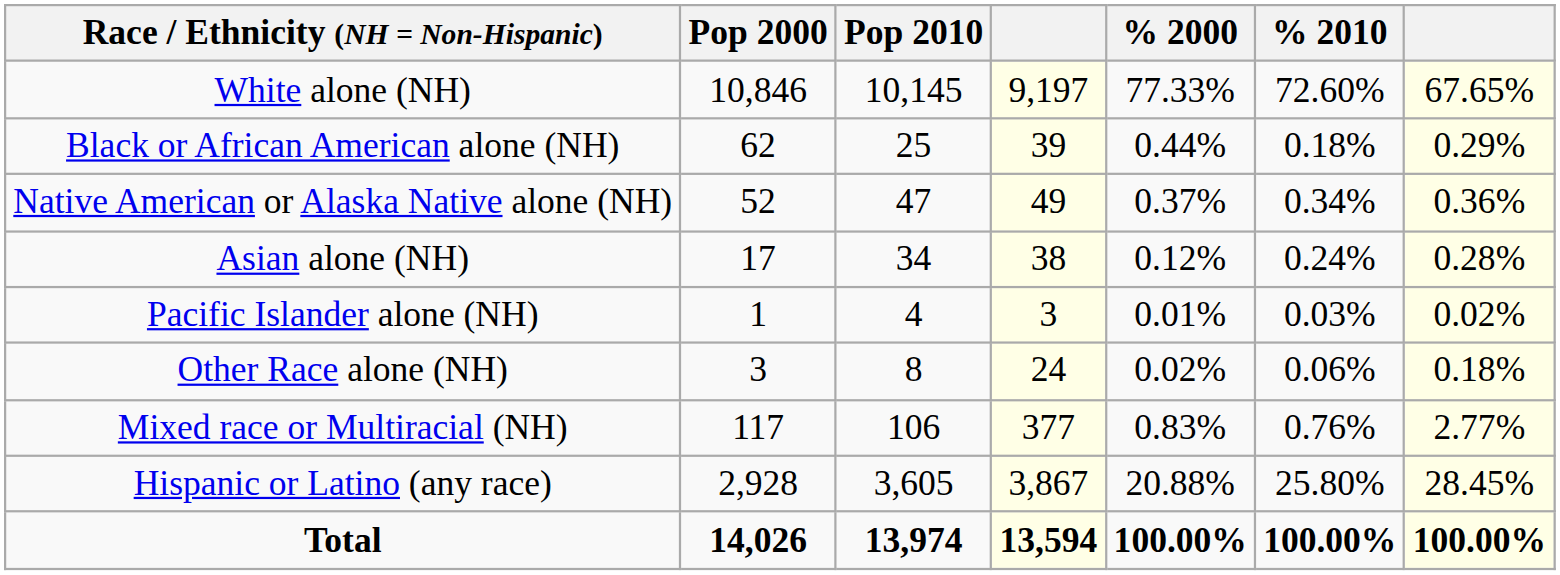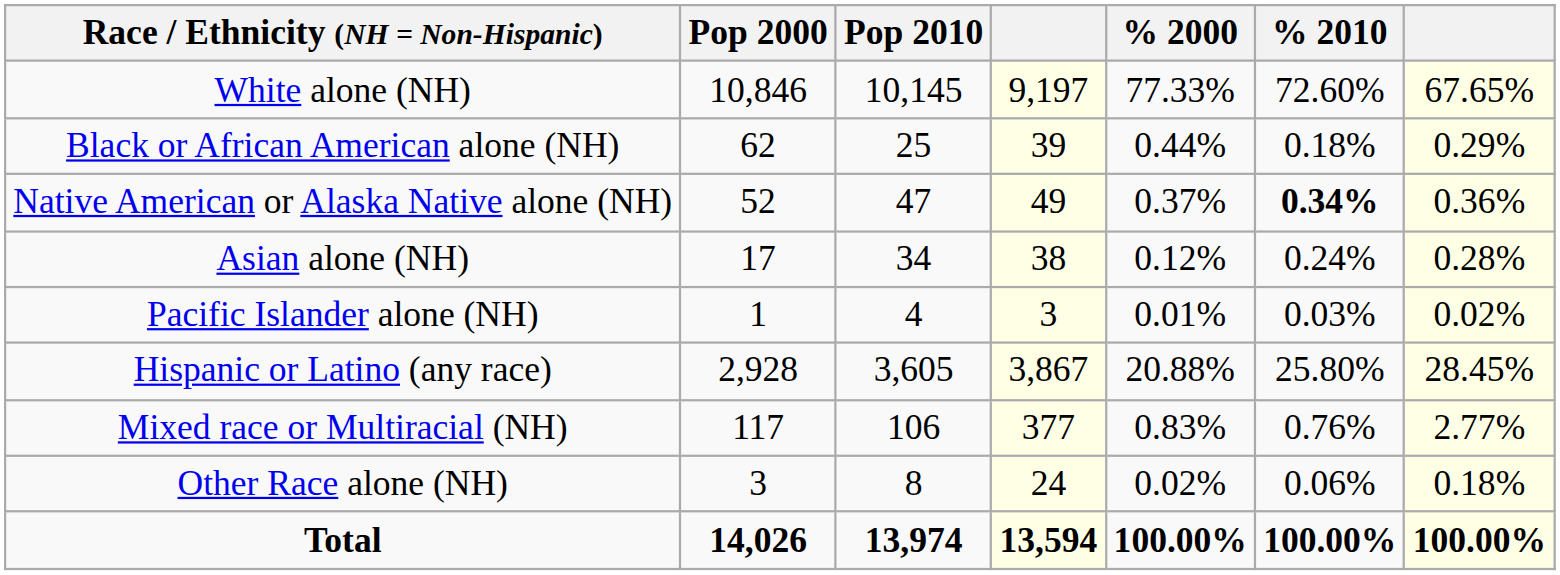 <table class="wikitable" style="text-align:center;">
 <tr>
 <th>Race / Ethnicity <small>(<em>NH = Non-Hispanic</em>)</small></th>
 <th>Pop 2000</th>
 <th>Pop 2010</th>
 <th></th>
 <th>% 2000</th>
 <th>% 2010</th>
 <th></th>
 </tr>
 <tr>
 <td><a href='#'>White</a> alone (NH)</td>
 <td>10,846</td>
 <td>10,145</td>
 <td style='background: #ffffe6;'>9,197</td>
 <td>77.33%</td>
 <td>72.60%</td>
 <td style='background: #ffffe6;'>67.65%</td>
 </tr>
 <tr>
 <td><a href='#'>Black or African American</a> alone (NH)</td>
 <td>62</td>
 <td>25</td>
 <td style='background: #ffffe6;'>39</td>
 <td>0.44%</td>
 <td>0.18%</td>
 <td style='background: #ffffe6;'>0.29%</td>
 </tr>
 <tr>
 <td><a href='#'>Native American</a> or <a href='#'>Alaska Native</a> alone (NH)</td>
 <td>52</td>
 <td>47</td>
 <td style='background: #ffffe6;'>49</td>
 <td>0.37%</td>
-<td>0.34%</td>
+<td><strong>0.34%</strong></td>
 <td style='background: #ffffe6;'>0.36%</td>
 </tr>
 <tr>
 <td><a href='#'>Asian</a> alone (NH)</td>
 <td>17</td>
 <td>34</td>
 <td style='background: #ffffe6;'>38</td>
 <td>0.12%</td>
 <td>0.24%</td>
 <td style='background: #ffffe6;'>0.28%</td>
 </tr>
 <tr>
 <td><a href='#'>Pacific Islander</a> alone (NH)</td>
 <td>1</td>
 <td>4</td>
 <td style='background: #ffffe6;'>3</td>
 <td>0.01%</td>
 <td>0.03%</td>
 <td style='background: #ffffe6;'>0.02%</td>
 </tr>
 <tr>
-<td><a href='#'>Other Race</a> alone (NH)</td>
-<td>3</td>
-<td>8</td>
-<td style='background: #ffffe6;'>24</td>
-<td>0.02%</td>
-<td>0.06%</td>
-<td style='background: #ffffe6;'>0.18%</td>
+<td><a href='#'>Hispanic or Latino</a> (any race)</td>
+<td>2,928</td>
+<td>3,605</td>
+<td style='background: #ffffe6;'>3,867</td>
+<td>20.88%</td>
+<td>25.80%</td>
+<td style='background: #ffffe6;'>28.45%</td>
 </tr>
 <tr>
 <td><a href='#'>Mixed race or Multiracial</a> (NH)</td>
 <td>117</td>
 <td>106</td>
 <td style='background: #ffffe6;'>377</td>
 <td>0.83%</td>
 <td>0.76%</td>
 <td style='background: #ffffe6;'>2.77%</td>
 </tr>
 <tr>
-<td><a href='#'>Hispanic or Latino</a> (any race)</td>
-<td>2,928</td>
-<td>3,605</td>
-<td style='background: #ffffe6;'>3,867</td>
-<td>20.88%</td>
-<td>25.80%</td>
-<td style='background: #ffffe6;'>28.45%</td>
+<td><a href='#'>Other Race</a> alone (NH)</td>
+<td>3</td>
+<td>8</td>
+<td style='background: #ffffe6;'>24</td>
+<td>0.02%</td>
+<td>0.06%</td>
+<td style='background: #ffffe6;'>0.18%</td>
 </tr>
 <tr>
 <td><strong>Total</strong></td>
 <td><strong>14,026</strong></td>
 <td><strong>13,974</strong></td>
 <td style='background: #ffffe6;'><strong>13,594</strong></td>
 <td><strong>100.00%</strong></td>
 <td><strong>100.00%</strong></td>
 <td style='background: #ffffe6;'><strong>100.00%</strong></td>
 </tr>
 </table>
